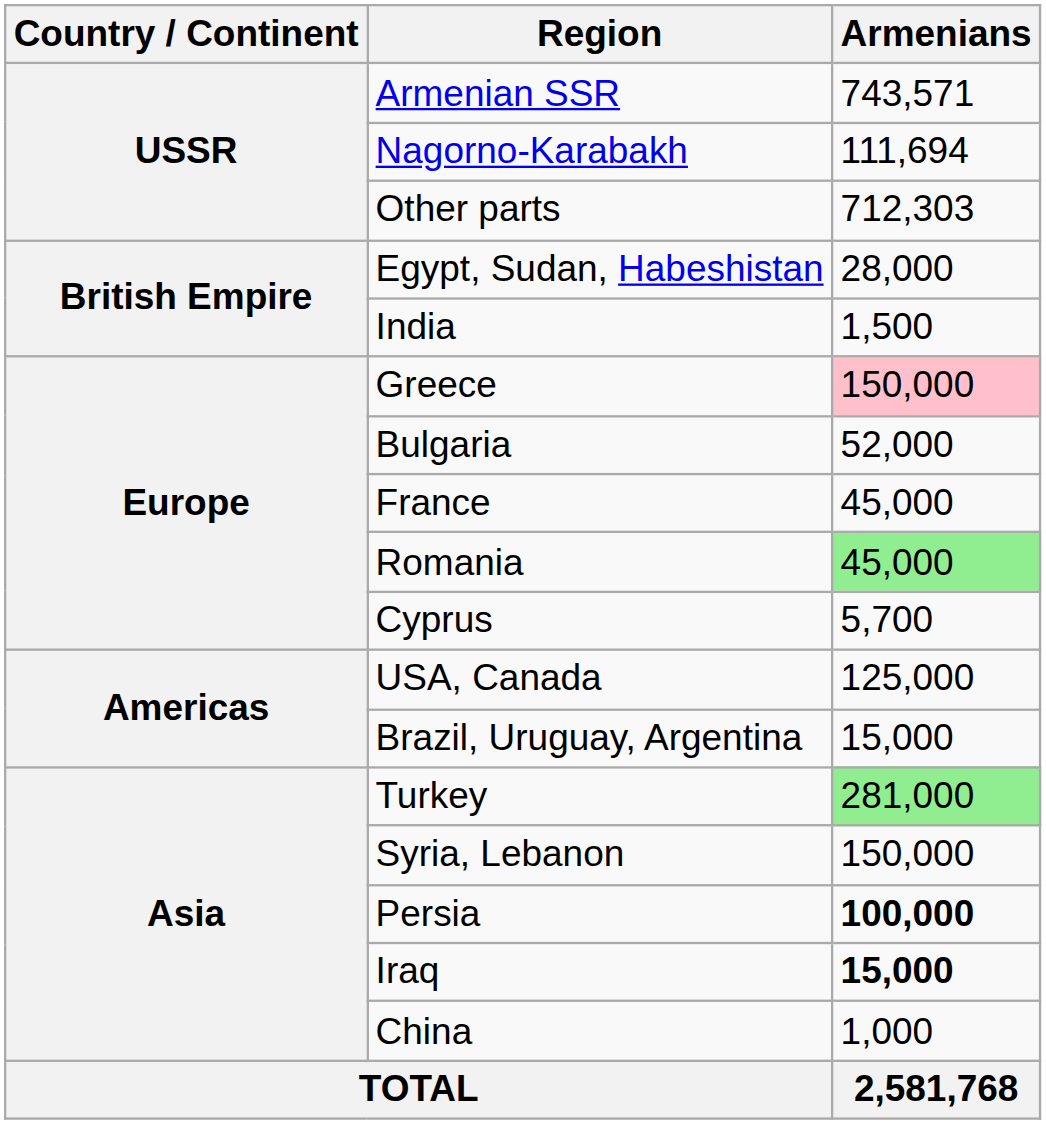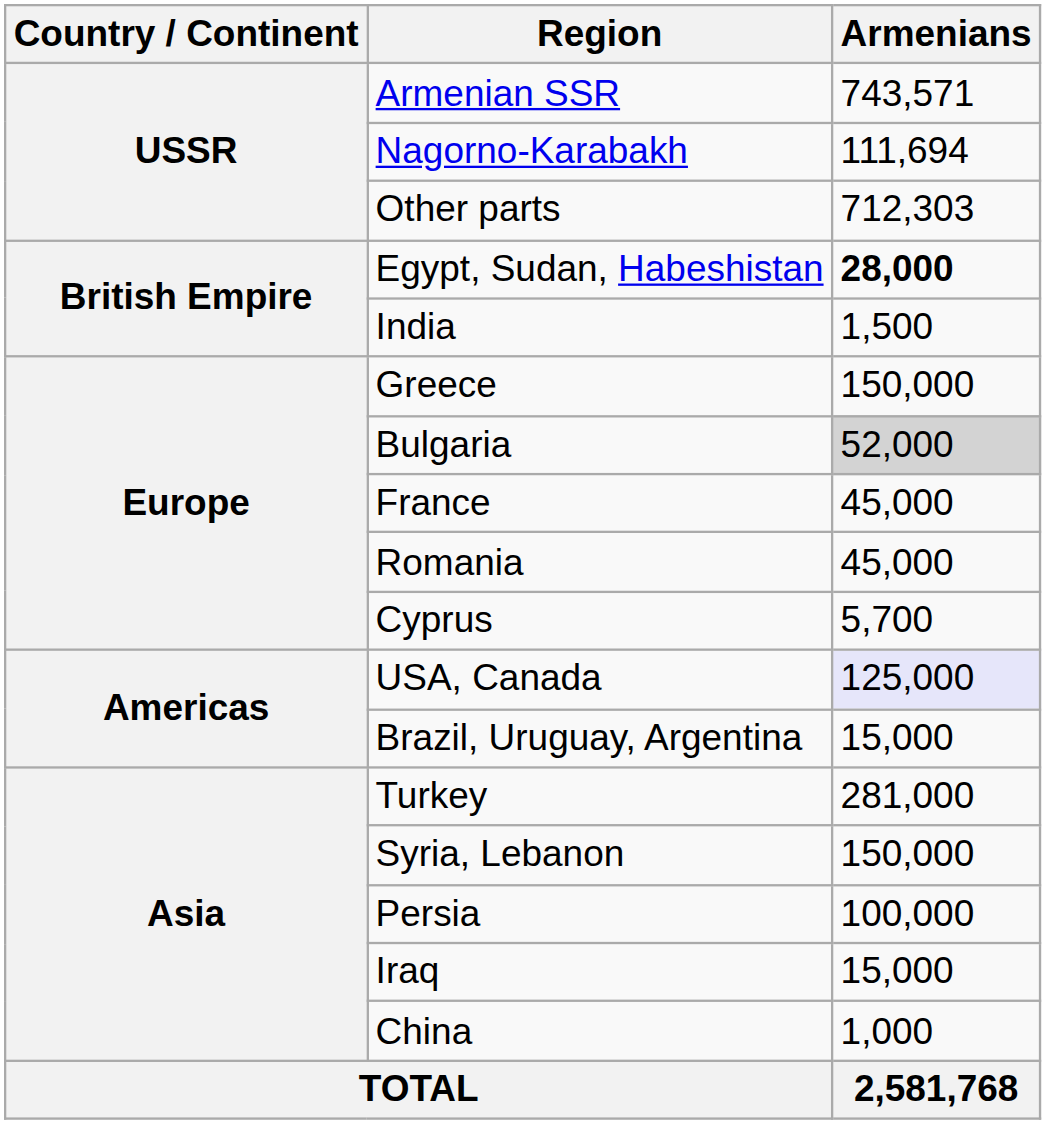 <table class="wikitable">
 <tr>
 <th>Country / Continent</th>
 <th>Region</th>
 <th>Armenians</th>
 </tr>
 <tr>
 <th rowspan="3">USSR</th>
 <td><a href='#'>Armenian SSR</a></td>
 <td>743,571</td>
 </tr>
 <tr>
 <td><a href='#'>Nagorno-Karabakh</a></td>
 <td>111,694</td>
 </tr>
 <tr>
 <td>Other parts</td>
 <td>712,303</td>
 </tr>
 <tr>
 <th rowspan="2">British Empire</th>
 <td>Egypt, Sudan, <a href='#'>Habeshistan</a></td>
-<td>28,000</td>
+<td><strong>28,000</strong></td>
 </tr>
 <tr>
 <td>India</td>
 <td>1,500</td>
 </tr>
 <tr>
 <th rowspan="5">Europe</th>
 <td>Greece</td>
-<td style="background: pink;">150,000</td>
+<td>150,000</td>
 </tr>
 <tr>
 <td>Bulgaria</td>
-<td>52,000</td>
+<td style="background: lightgrey;">52,000</td>
 </tr>
 <tr>
 <td>France</td>
 <td>45,000</td>
 </tr>
 <tr>
 <td>Romania</td>
-<td style="background: lightgreen;">45,000</td>
+<td>45,000</td>
 </tr>
 <tr>
 <td>Cyprus</td>
 <td>5,700</td>
 </tr>
 <tr>
 <th rowspan="2">Americas</th>
 <td>USA, Canada</td>
-<td>125,000</td>
+<td style="background: lavender;">125,000</td>
 </tr>
 <tr>
 <td>Brazil, Uruguay, Argentina</td>
 <td>15,000</td>
 </tr>
 <tr>
 <th rowspan="5">Asia</th>
 <td>Turkey</td>
-<td style="background: lightgreen;">281,000</td>
+<td>281,000</td>
 </tr>
 <tr>
 <td>Syria, Lebanon</td>
 <td>150,000</td>
 </tr>
 <tr>
 <td>Persia</td>
-<td><strong>100,000</strong></td>
+<td>100,000</td>
 </tr>
 <tr>
 <td>Iraq</td>
-<td><strong>15,000</strong></td>
+<td>15,000</td>
 </tr>
 <tr>
 <td>China</td>
 <td>1,000</td>
 </tr>
 <tr>
 <th colspan="2">TOTAL</th>
 <th>2,581,768</th>
 </tr>
 </table>
